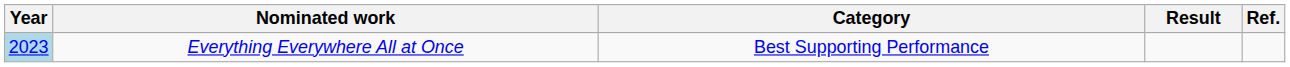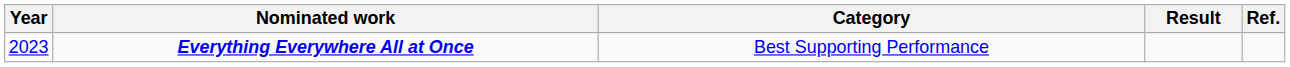 <table class="wikitable">
 <tr>
 <th scope="col" style="width:1em;">Year</th>
 <th scope="col" style="width:30em;">Nominated work</th>
 <th scope="col" style="width:30em;">Category</th>
 <th scope="col" style="width:5em;">Result</th>
 <th scope="col" style="width:1em;">Ref.</th>
 </tr>
 <tr>
-<td align="center" style="background: lightblue;"><a href='#'>2023</a></td>
-<td align="center"><em><a href='#'>Everything Everywhere All at Once</a></em></td>
+<td align="center"><a href='#'>2023</a></td>
+<td align="center"><strong><em><a href='#'>Everything Everywhere All at Once</a></em></strong></td>
 <td align="center"><a href='#'>Best Supporting Performance</a></td>
 <td></td>
 <td align="center"></td>
 </tr>
 </table>
